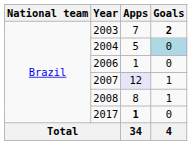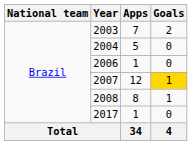 <table class="wikitable" style="text-align:center">
 <tr>
 <th>National team</th>
 <th>Year</th>
 <th>Apps</th>
 <th>Goals</th>
 </tr>
 <tr>
 <td rowspan="6"><a href='#'>Brazil</a></td>
 <td>2003</td>
 <td>7</td>
-<td><strong>2</strong></td>
+<td>2</td>
 </tr>
 <tr>
 <td>2004</td>
 <td>5</td>
-<td style="background: lightblue;">0</td>
+<td>0</td>
 </tr>
 <tr>
 <td>2006</td>
 <td>1</td>
 <td>0</td>
 </tr>
 <tr>
 <td>2007</td>
-<td style="background: lavender;">12</td>
-<td>1</td>
+<td>12</td>
+<td style="background: gold;">1</td>
 </tr>
 <tr>
 <td>2008</td>
 <td>8</td>
 <td>1</td>
 </tr>
 <tr>
 <td>2017</td>
-<td><strong>1</strong></td>
+<td>1</td>
 <td>0</td>
 </tr>
 <tr>
 <th colspan="2">Total</th>
 <th>34</th>
 <th>4</th>
 </tr>
 </table>
